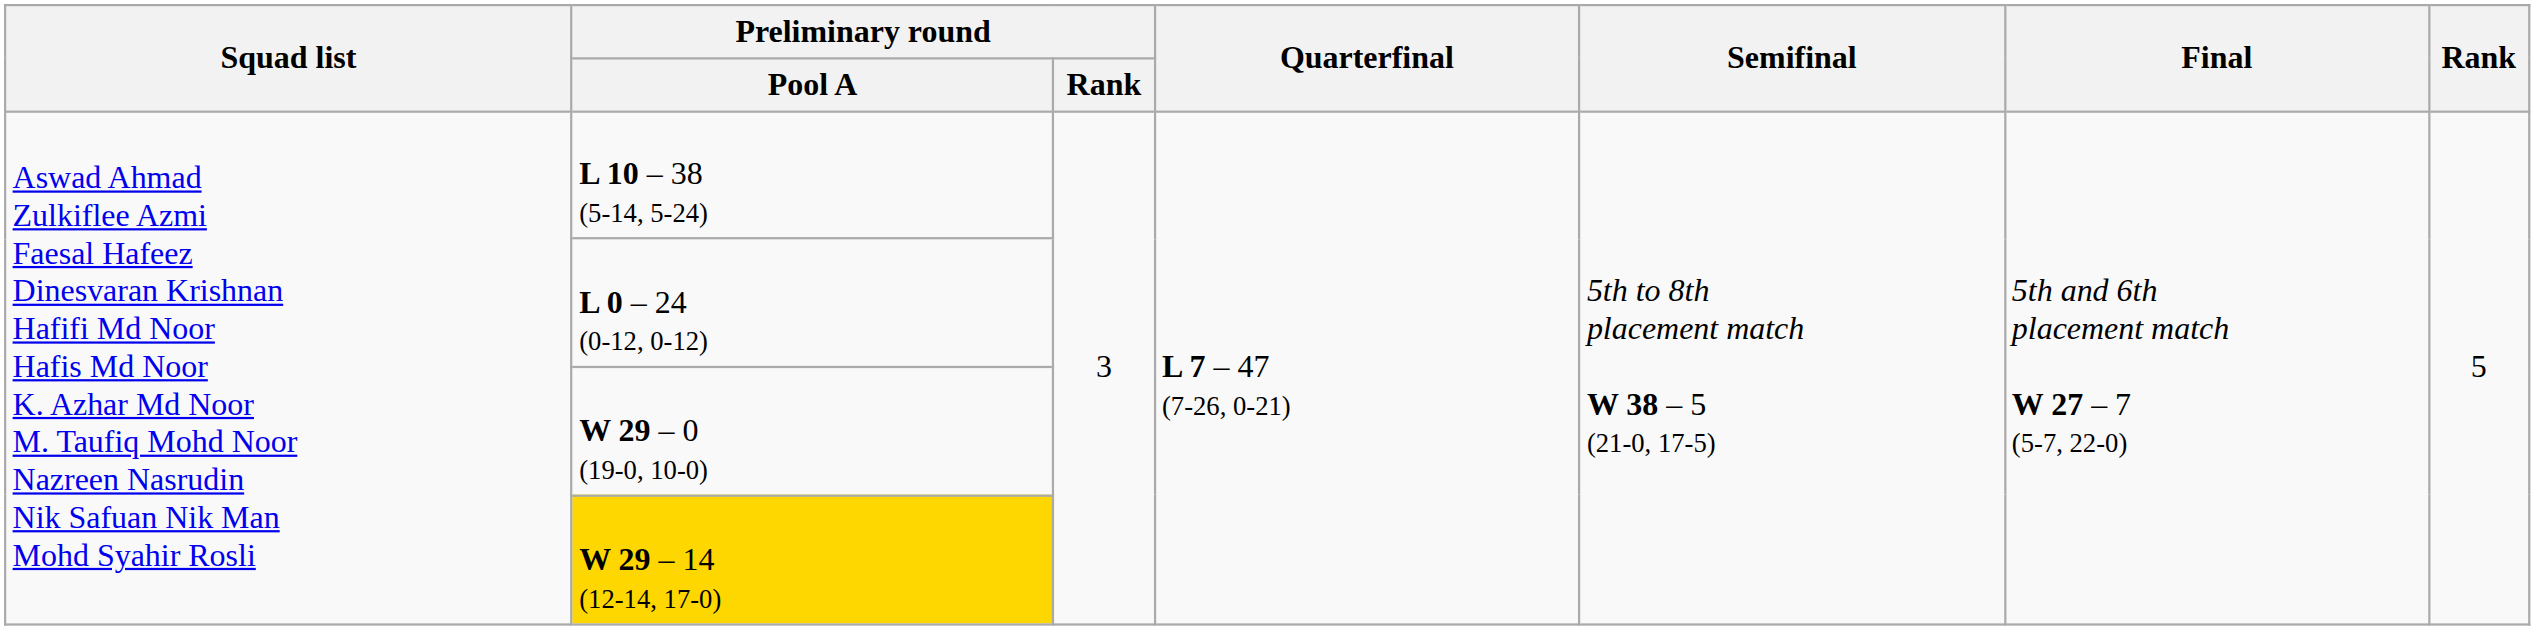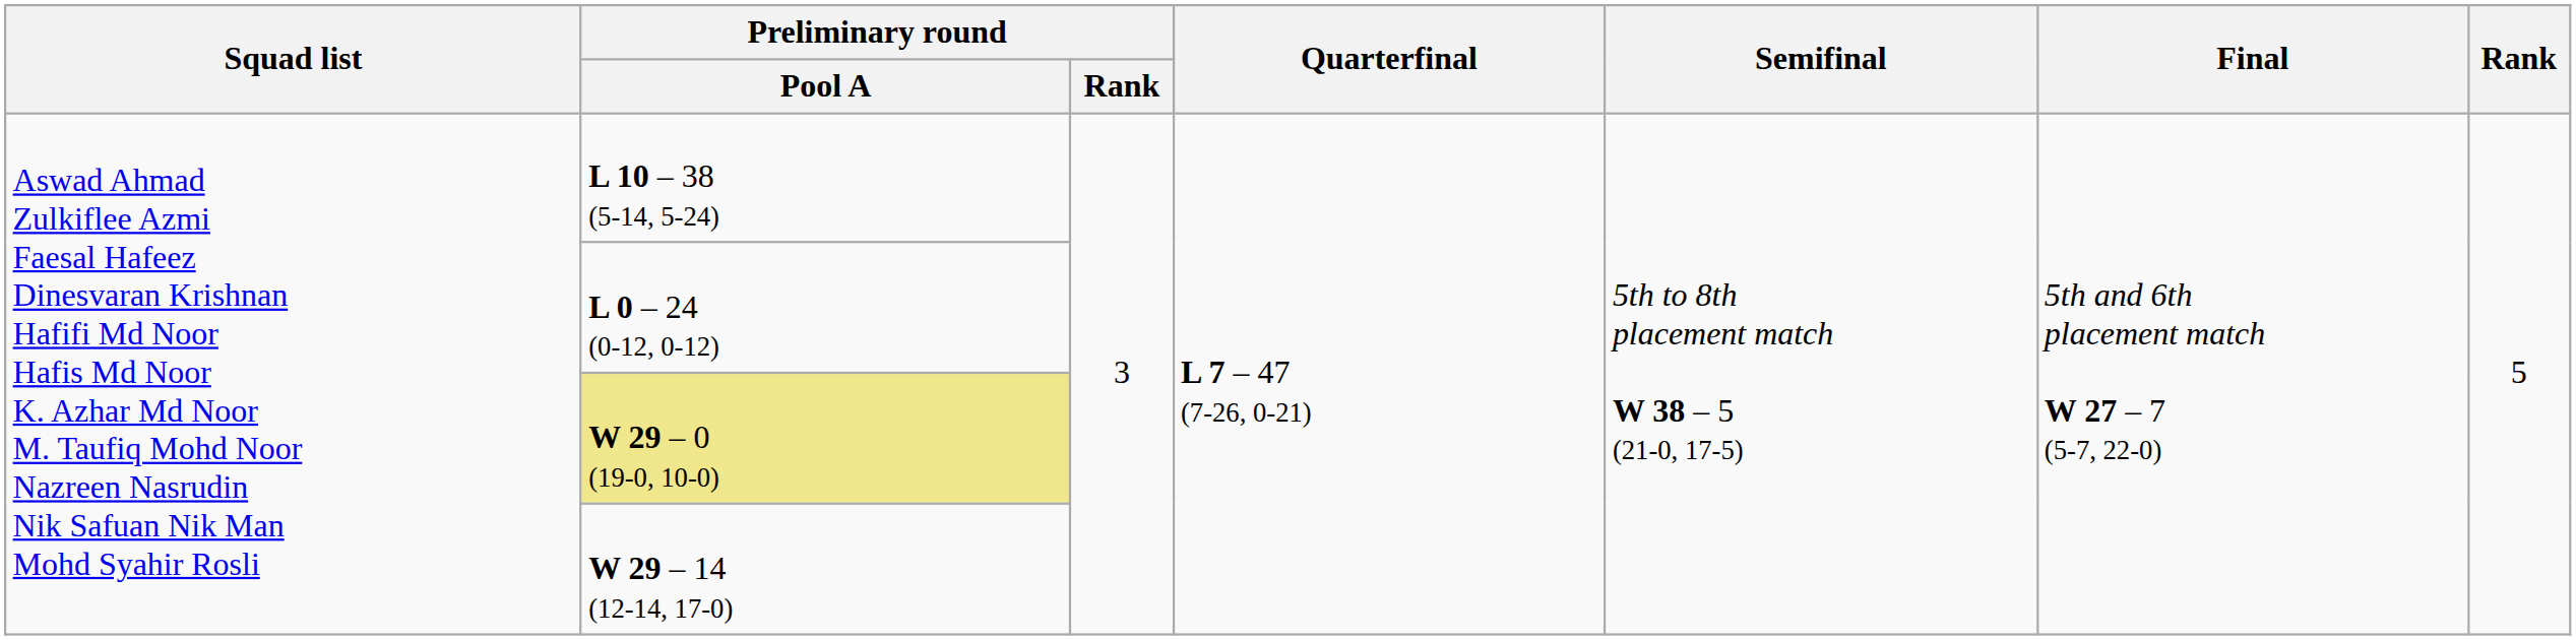 <table class="wikitable" width="90%" style="text-align:center; font-size:90%">
 <tr>
 <th rowspan="2" width="20%">Squad list</th>
 <th colspan="2" width="20%">Preliminary round</th>
 <th rowspan="2" width="15%">Quarterfinal</th>
 <th rowspan="2" width="15%">Semifinal</th>
 <th rowspan="2" width="15%">Final</th>
 <th rowspan="2" width="3%">Rank</th>
 </tr>
 <tr>
 <th width="17%">Pool A</th>
 <th width="3%">Rank</th>
 </tr>
 <tr>
 <td rowspan="4" align="left"><a href='#'>Aswad Ahmad</a><br><a href='#'>Zulkiflee Azmi</a><br><a href='#'>Faesal Hafeez</a><br><a href='#'>Dinesvaran Krishnan</a><br><a href='#'>Hafifi Md Noor</a><br><a href='#'>Hafis Md Noor</a><br><a href='#'>K. Azhar Md Noor</a><br><a href='#'>M. Taufiq Mohd Noor</a><br><a href='#'>Nazreen Nasrudin</a><br><a href='#'>Nik Safuan Nik Man</a><br><a href='#'>Mohd Syahir Rosli</a></td>
 <td align="left"><br><strong>L 10</strong> – 38<br><small>(5-14, 5-24)</small></td>
 <td rowspan="4">3 <strong></strong></td>
 <td rowspan="4" align="left"><br><strong>L 7</strong> – 47<br><small>(7-26, 0-21)</small></td>
 <td rowspan="4" align="left"><em>5th to 8th<br>placement match</em><br><br><strong>W 38</strong> – 5<br><small>(21-0, 17-5)</small></td>
 <td rowspan="4" align="left"><em>5th and 6th<br>placement match</em><br><br><strong>W 27</strong> – 7<br><small>(5-7, 22-0)</small></td>
 <td rowspan="4">5</td>
 </tr>
 <tr>
 <td align="left"><br><strong>L 0</strong> – 24<br><small>(0-12, 0-12)</small></td>
 </tr>
 <tr>
-<td align="left"><br><strong>W 29</strong> – 0<br><small>(19-0, 10-0)</small></td>
+<td align="left" style="background: khaki;"><br><strong>W 29</strong> – 0<br><small>(19-0, 10-0)</small></td>
 </tr>
 <tr>
-<td align="left" style="background: gold;"><br><strong>W 29</strong> – 14<br><small>(12-14, 17-0)</small></td>
+<td align="left"><br><strong>W 29</strong> – 14<br><small>(12-14, 17-0)</small></td>
 </tr>
 </table>
